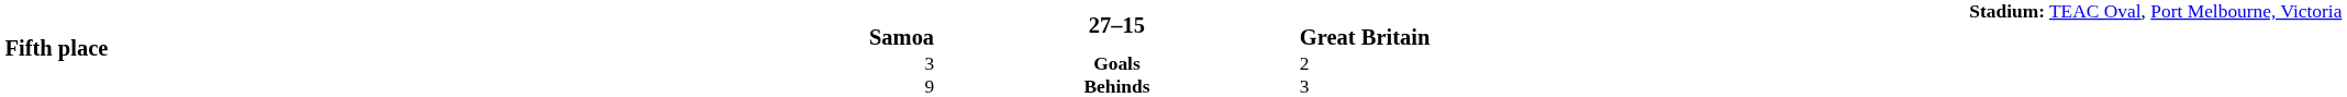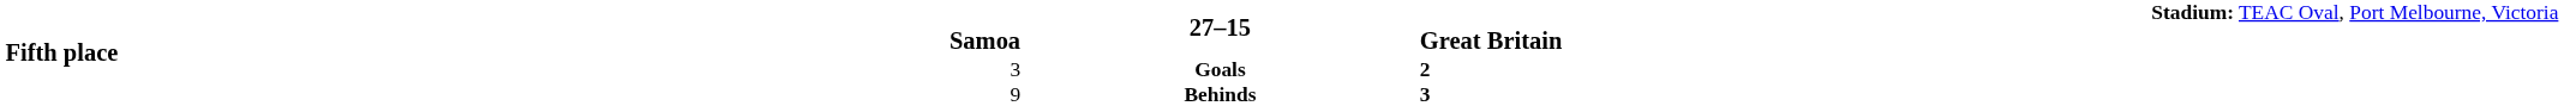 <table style="width: 100%; background: transparent;" cellspacing="0">
 <tr>
 <td align=center valign=center rowspan=3 width=15%><strong>Fifth place</strong></td>
 </tr>
 <tr>
 <td width=24% align=right><br><strong>Samoa</strong></td>
 <td align=center width=13%><strong>27–15</strong></td>
 <td width=24%><br><strong>Great Britain</strong></td>
 <td style=font-size:85% rowspan=2 valign=top><strong>Stadium:</strong> <a href='#'>TEAC Oval</a>, <a href='#'>Port Melbourne, Victoria</a></td>
 </tr>
 <tr style=font-size:85%>
 <td align=right valign=top>3<br> 9</td>
 <td align=center valign=top><strong>Goals <br>Behinds</strong></td>
-<td valign=top>2<br> 3</td>
+<td valign=top><strong>2<br> 3</strong></td>
 </tr>
 </table>
